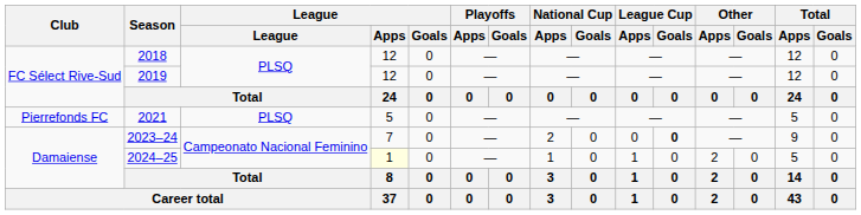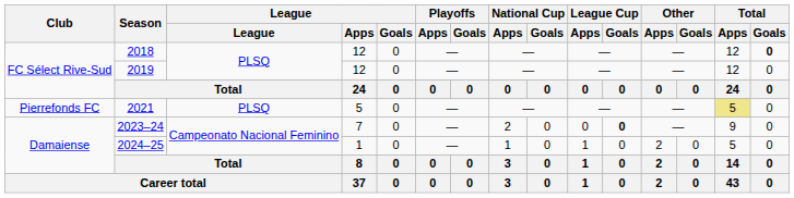 <table class="wikitable" style="text-align: center;">
 <tr>
 <th rowspan="2">Club</th>
 <th rowspan="2">Season</th>
 <th colspan="3">League</th>
 <th colspan="2">Playoffs</th>
 <th colspan="2">National Cup</th>
 <th colspan="2">League Cup</th>
 <th colspan="2">Other</th>
 <th colspan="2">Total</th>
 </tr>
 <tr>
 <th>League</th>
 <th>Apps</th>
 <th>Goals</th>
 <th>Apps</th>
 <th>Goals</th>
 <th>Apps</th>
 <th>Goals</th>
 <th>Apps</th>
 <th>Goals</th>
 <th>Apps</th>
 <th>Goals</th>
 <th>Apps</th>
 <th>Goals</th>
 </tr>
 <tr>
 <td rowspan=3><a href='#'>FC Sélect Rive-Sud</a></td>
 <td><a href='#'>2018</a></td>
 <td rowspan=2><a href='#'>PLSQ</a></td>
 <td>12</td>
 <td>0</td>
 <td colspan="2">—</td>
 <td colspan="2">—</td>
 <td colspan="2">—</td>
 <td colspan="2">—</td>
 <td>12</td>
-<td>0</td>
+<td><strong>0</strong></td>
 </tr>
 <tr>
 <td><a href='#'>2019</a></td>
 <td>12</td>
 <td>0</td>
 <td colspan="2">—</td>
 <td colspan="2">—</td>
 <td colspan="2">—</td>
 <td colspan="2">—</td>
 <td>12</td>
 <td>0</td>
 </tr>
 <tr>
 <th colspan="2">Total</th>
 <th>24</th>
 <th>0</th>
 <th>0</th>
 <th>0</th>
 <th>0</th>
 <th>0</th>
 <th>0</th>
 <th>0</th>
 <th>0</th>
 <th>0</th>
 <th>24</th>
 <th>0</th>
 </tr>
 <tr>
 <td><a href='#'>Pierrefonds FC</a></td>
 <td><a href='#'>2021</a></td>
 <td><a href='#'>PLSQ</a></td>
 <td>5</td>
 <td>0</td>
 <td colspan="2">—</td>
 <td colspan="2">—</td>
 <td colspan="2">—</td>
 <td colspan="2">—</td>
-<td>5</td>
+<td style="background: khaki;">5</td>
 <td>0</td>
 </tr>
 <tr>
 <td rowspan=3><a href='#'>Damaiense</a></td>
 <td><a href='#'>2023–24</a></td>
 <td rowspan=2><a href='#'>Campeonato Nacional Feminino</a></td>
 <td>7</td>
 <td>0</td>
 <td colspan="2">—</td>
 <td>2</td>
 <td>0</td>
 <td>0</td>
 <td><strong>0</strong></td>
 <td colspan="2">—</td>
 <td>9</td>
 <td>0</td>
 </tr>
 <tr>
 <td><a href='#'>2024–25</a></td>
-<td style="background: lightyellow;">1</td>
+<td>1</td>
 <td>0</td>
 <td colspan="2">—</td>
 <td>1</td>
 <td>0</td>
 <td>1</td>
 <td>0</td>
 <td>2</td>
 <td>0</td>
 <td>5</td>
 <td>0</td>
 </tr>
 <tr>
 <th colspan="2">Total</th>
 <th>8</th>
 <th>0</th>
 <th>0</th>
 <th>0</th>
 <th>3</th>
 <th>0</th>
 <th>1</th>
 <th>0</th>
 <th>2</th>
 <th>0</th>
 <th>14</th>
 <th>0</th>
 </tr>
 <tr>
 <th colspan="3">Career total</th>
 <th>37</th>
 <th>0</th>
 <th>0</th>
 <th>0</th>
 <th>3</th>
 <th>0</th>
 <th>1</th>
 <th>0</th>
 <th>2</th>
 <th>0</th>
 <th>43</th>
 <th>0</th>
 </tr>
 </table>
